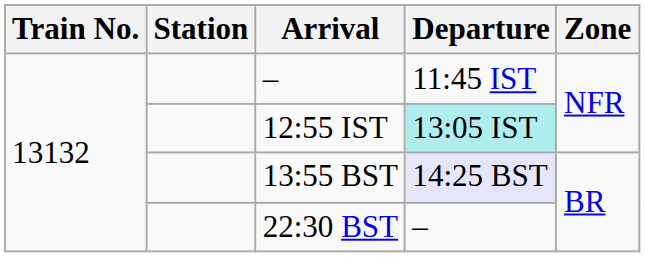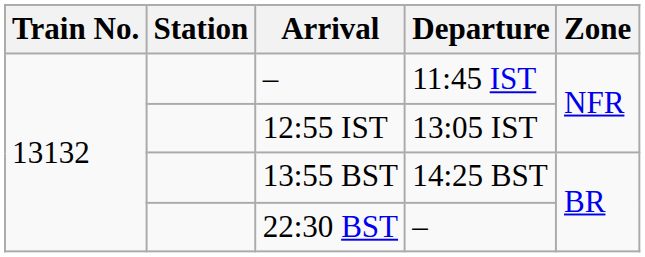 <table class="wikitable">
 <tr>
 <th>Train No.</th>
 <th>Station</th>
 <th>Arrival</th>
 <th>Departure</th>
 <th>Zone</th>
 </tr>
 <tr>
 <td rowspan=4>13132</td>
 <td></td>
 <td>–</td>
 <td>11:45 <a href='#'>IST</a></td>
 <td rowspan=2><a href='#'>NFR</a></td>
 </tr>
 <tr>
 <td></td>
 <td>12:55 IST</td>
-<td style="background: paleturquoise;">13:05 IST</td>
+<td>13:05 IST</td>
 </tr>
 <tr>
 <td></td>
 <td>13:55 BST</td>
-<td style="background: lavender;">14:25 BST</td>
+<td>14:25 BST</td>
 <td rowspan=2><a href='#'>BR</a></td>
 </tr>
 <tr>
 <td></td>
 <td>22:30 <a href='#'>BST</a></td>
 <td>–</td>
 </tr>
 </table>
